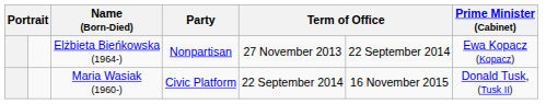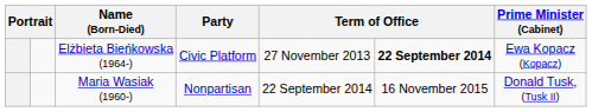 <table class="wikitable" style="text-align:center;">
 <tr>
 <th colspan=2>Portrait</th>
 <th>Name<br><small>(Born-Died)</small></th>
 <th>Party</th>
 <th colspan=2>Term of Office</th>
 <th><a href='#'>Prime Minister</a><br><small>(Cabinet)</small></th>
 </tr>
 <tr>
 <th ! style="background:"></th>
 <td></td>
 <td><a href='#'>Elżbieta Bieńkowska</a><br><small>(1964-)</small><br></td>
-<td><a href='#'>Nonpartisan</a></td>
+<td><a href='#'>Civic Platform</a></td>
 <td>27 November 2013</td>
-<td>22 September 2014</td>
+<td><strong>22 September 2014</strong></td>
 <td><a href='#'>Ewa Kopacz</a> <br><small> (<a href='#'>Kopacz</a>)</small></td>
 </tr>
 <tr>
 <th ! style="background:;"></th>
 <td></td>
 <td><a href='#'>Maria Wasiak</a><br><small>(1960-)</small><br></td>
-<td><a href='#'>Civic Platform</a></td>
+<td><a href='#'>Nonpartisan</a></td>
 <td>22 September 2014</td>
 <td>16 November 2015</td>
 <td><a href='#'>Donald Tusk</a>, <br><small> (<a href='#'>Tusk II</a>)</small></td>
 </tr>
 </table>
